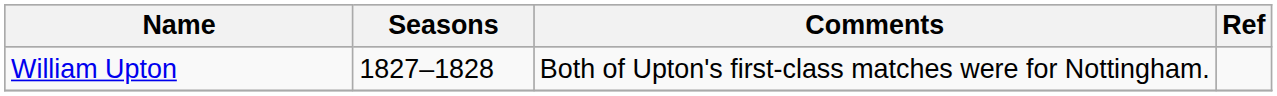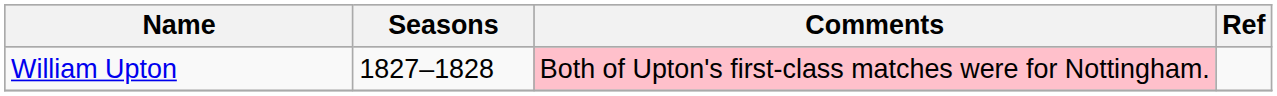 <table class="wikitable">
 <tr>
 <th style="width:200px">Name</th>
 <th style="width: 100px">Seasons</th>
 <th>Comments</th>
 <th>Ref</th>
 </tr>
 <tr>
 <td><a href='#'>William Upton</a></td>
 <td>1827–1828</td>
-<td>Both of Upton's first-class matches were for Nottingham.</td>
+<td style="background: pink;">Both of Upton's first-class matches were for Nottingham.</td>
 <td></td>
 </tr>
 <tr>
 </tr>
 </table>
